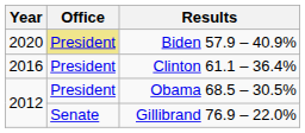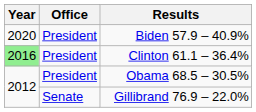 <table class=wikitable>
 <tr>
 <th width="30">Year</th>
 <th width="60">Office</th>
 <th width="180">Results</th>
 </tr>
 <tr>
 <td>2020</td>
-<td style="background: khaki;"><a href='#'>President</a></td>
+<td><a href='#'>President</a></td>
 <td align="right" ><a href='#'>Biden</a> 57.9 – 40.9%</td>
 </tr>
 <tr>
-<td>2016</td>
+<td style="background: lightgreen;">2016</td>
 <td><a href='#'>President</a></td>
 <td align="right" ><a href='#'>Clinton</a> 61.1 – 36.4%</td>
 </tr>
 <tr>
 <td rowspan="2">2012</td>
 <td><a href='#'>President</a></td>
 <td align="right" ><a href='#'>Obama</a> 68.5 – 30.5%</td>
 </tr>
 <tr>
 <td><a href='#'>Senate</a></td>
 <td align="right" ><a href='#'>Gillibrand</a> 76.9 – 22.0%</td>
 </tr>
 </table>
